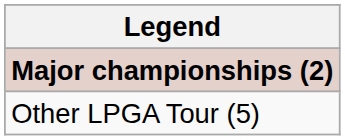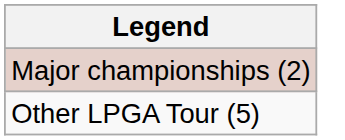 <table class="wikitable" style="font-size:95%;">
 <tr>
 <th>Legend</th>
 </tr>
 <tr style="background:#e5d1cb;">
-<td><strong>Major championships (2)</strong></td>
+<td>Major championships (2)</td>
 </tr>
 <tr>
 <td>Other LPGA Tour (5)</td>
 </tr>
 </table>
